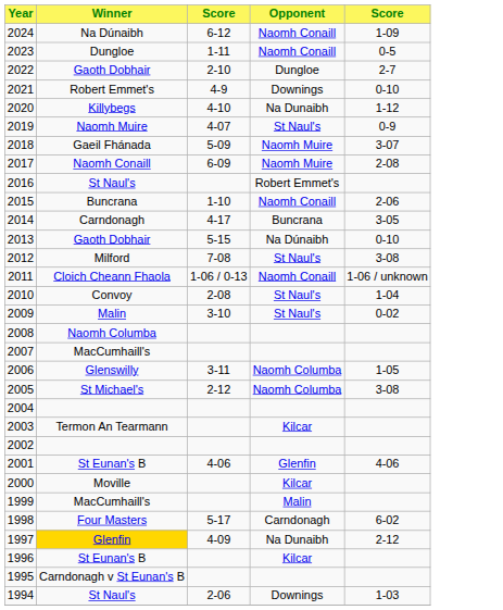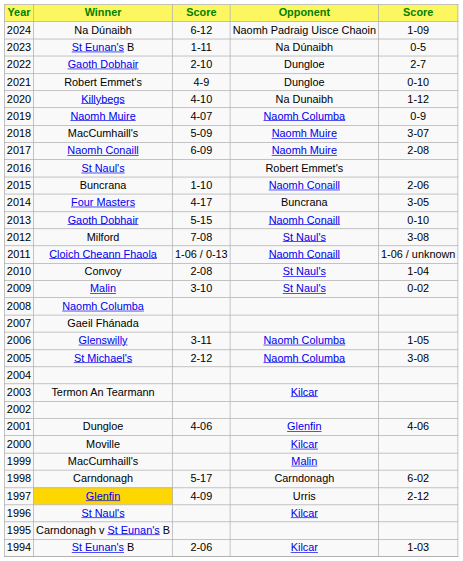 <table class="wikitable" style="text-align:center;">
 <tr>
 <th style="background:#FCF75E;color:green;">Year</th>
 <th style="background:#FCF75E;color:green;">Winner</th>
 <th style="background:#FCF75E;color:green;">Score</th>
 <th style="background:#FCF75E;color:green;">Opponent</th>
 <th style="background:#FCF75E;color:green;">Score</th>
 </tr>
 <tr>
 <td>2024</td>
 <td>Na Dúnaibh</td>
 <td>6-12</td>
-<td><a href='#'>Naomh Conaill</a></td>
+<td>Naomh Padraig Uisce Chaoin</td>
 <td>1-09</td>
 </tr>
 <tr>
 <td>2023</td>
-<td>Dungloe</td>
+<td><a href='#'>St Eunan's</a> B</td>
 <td>1-11</td>
-<td><a href='#'>Naomh Conaill</a></td>
+<td>Na Dúnaibh</td>
 <td>0-5</td>
 </tr>
 <tr>
 <td>2022</td>
 <td><a href='#'>Gaoth Dobhair</a></td>
 <td>2-10</td>
 <td>Dungloe</td>
 <td>2-7</td>
 </tr>
 <tr>
 <td>2021</td>
 <td>Robert Emmet's</td>
 <td>4-9</td>
-<td>Downings</td>
+<td>Dungloe</td>
 <td>0-10</td>
 </tr>
 <tr>
 <td>2020 </td>
 <td><a href='#'>Killybegs</a></td>
 <td>4-10</td>
 <td>Na Dunaibh</td>
 <td>1-12</td>
 </tr>
 <tr>
 <td>2019</td>
 <td><a href='#'>Naomh Muire</a></td>
 <td>4-07</td>
-<td><a href='#'>St Naul's</a></td>
+<td><a href='#'>Naomh Columba</a></td>
 <td>0-9</td>
 </tr>
 <tr>
 <td>2018</td>
-<td>Gaeil Fhánada</td>
+<td>MacCumhaill's</td>
 <td>5-09</td>
 <td><a href='#'>Naomh Muire</a></td>
 <td>3-07</td>
 </tr>
 <tr>
 <td>2017</td>
 <td><a href='#'>Naomh Conaill</a></td>
 <td>6-09</td>
 <td><a href='#'>Naomh Muire</a></td>
 <td>2-08</td>
 </tr>
 <tr>
 <td>2016</td>
 <td><a href='#'>St Naul's</a></td>
 <td></td>
 <td>Robert Emmet's</td>
 <td></td>
 </tr>
 <tr>
 <td>2015</td>
 <td>Buncrana</td>
 <td>1-10</td>
 <td><a href='#'>Naomh Conaill</a></td>
 <td>2-06</td>
 </tr>
 <tr>
 <td>2014</td>
-<td>Carndonagh</td>
+<td><a href='#'>Four Masters</a></td>
 <td>4-17</td>
 <td>Buncrana</td>
 <td>3-05</td>
 </tr>
 <tr>
 <td>2013</td>
 <td><a href='#'>Gaoth Dobhair</a></td>
 <td>5-15</td>
-<td>Na Dúnaibh</td>
+<td><a href='#'>Naomh Conaill</a></td>
 <td>0-10</td>
 </tr>
 <tr>
 <td>2012</td>
 <td>Milford</td>
 <td>7-08</td>
 <td><a href='#'>St Naul's</a></td>
 <td>3-08</td>
 </tr>
 <tr>
 <td>2011</td>
 <td><a href='#'>Cloich Cheann Fhaola</a></td>
 <td>1-06 / 0-13</td>
 <td><a href='#'>Naomh Conaill</a></td>
 <td>1-06 / unknown</td>
 </tr>
 <tr>
 <td>2010</td>
 <td>Convoy</td>
 <td>2-08</td>
 <td><a href='#'>St Naul's</a></td>
 <td>1-04</td>
 </tr>
 <tr>
 <td>2009</td>
 <td><a href='#'>Malin</a></td>
 <td>3-10</td>
 <td><a href='#'>St Naul's</a></td>
 <td>0-02</td>
 </tr>
 <tr>
 <td>2008</td>
 <td><a href='#'>Naomh Columba</a></td>
 <td></td>
 <td></td>
 <td></td>
 </tr>
 <tr>
 <td>2007</td>
-<td>MacCumhaill's</td>
+<td>Gaeil Fhánada</td>
 <td></td>
 <td></td>
 <td></td>
 </tr>
 <tr>
 <td>2006</td>
 <td><a href='#'>Glenswilly</a></td>
 <td>3-11</td>
 <td><a href='#'>Naomh Columba</a></td>
 <td>1-05</td>
 </tr>
 <tr>
 <td>2005</td>
 <td><a href='#'>St Michael's</a></td>
 <td>2-12</td>
 <td><a href='#'>Naomh Columba</a></td>
 <td>3-08</td>
 </tr>
 <tr>
 <td>2004</td>
 <td></td>
 <td></td>
 <td></td>
 <td></td>
 </tr>
 <tr>
 <td>2003</td>
 <td>Termon An Tearmann</td>
 <td></td>
 <td><a href='#'>Kilcar</a></td>
 <td></td>
 </tr>
 <tr>
 <td>2002</td>
 <td></td>
 <td></td>
 <td></td>
 <td></td>
 </tr>
 <tr>
 <td>2001 </td>
-<td><a href='#'>St Eunan's</a> B</td>
+<td>Dungloe</td>
 <td>4-06</td>
 <td><a href='#'>Glenfin</a></td>
 <td>4-06</td>
 </tr>
 <tr>
 <td>2000</td>
 <td>Moville</td>
 <td></td>
 <td><a href='#'>Kilcar</a></td>
 <td></td>
 </tr>
 <tr>
 <td>1999</td>
 <td>MacCumhaill's</td>
 <td></td>
 <td><a href='#'>Malin</a></td>
 <td></td>
 </tr>
 <tr>
 <td>1998</td>
-<td><a href='#'>Four Masters</a></td>
+<td>Carndonagh</td>
 <td>5-17</td>
 <td>Carndonagh</td>
 <td>6-02</td>
 </tr>
 <tr>
 <td>1997</td>
 <td style="background: gold;"><a href='#'>Glenfin</a></td>
 <td>4-09</td>
-<td>Na Dunaibh</td>
+<td>Urris</td>
 <td>2-12</td>
 </tr>
 <tr>
 <td>1996</td>
-<td><a href='#'>St Eunan's</a> B</td>
+<td><a href='#'>St Naul's</a></td>
 <td></td>
 <td><a href='#'>Kilcar</a></td>
 <td></td>
 </tr>
 <tr>
 <td>1995</td>
 <td>Carndonagh v <a href='#'>St Eunan's</a> B</td>
 <td></td>
 <td></td>
 <td></td>
 </tr>
 <tr>
 <td>1994</td>
-<td><a href='#'>St Naul's</a></td>
+<td><a href='#'>St Eunan's</a> B</td>
 <td>2-06</td>
-<td>Downings</td>
+<td><a href='#'>Kilcar</a></td>
 <td>1-03</td>
 </tr>
 <tr>
 </tr>
 </table>
